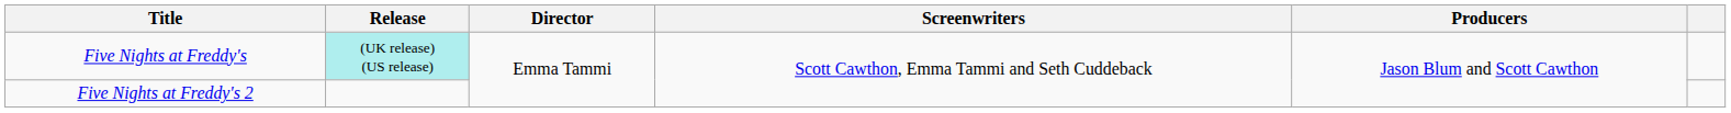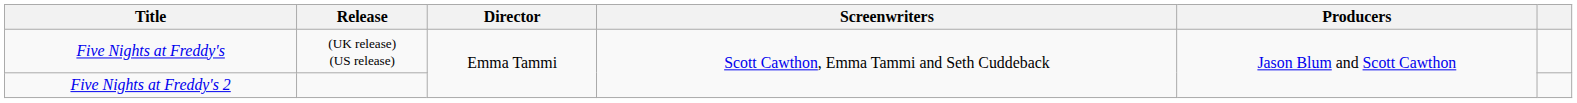 <table class="wikitable plainrowheaders sortable" style="text-align:center" border="1" width="100%">
 <tr>
 <th scope="col">Title</th>
 <th scope="col">Release</th>
 <th scope="col">Director</th>
 <th scope="col">Screenwriters</th>
 <th scope="col">Producers</th>
 <th scope="col" style="width:28px"></th>
 </tr>
 <tr>
 <td><em><a href='#'>Five Nights at Freddy's</a></em></td>
-<td style="background: paleturquoise;"> <small>(UK release)</small><br> <small>(US release)</small></td>
+<td> <small>(UK release)</small><br> <small>(US release)</small></td>
 <td rowspan="2">Emma Tammi</td>
 <td rowspan="2"><a href='#'>Scott Cawthon</a>, Emma Tammi and Seth Cuddeback</td>
 <td rowspan="2"><a href='#'>Jason Blum</a> and <a href='#'>Scott Cawthon</a></td>
 <td></td>
 </tr>
 <tr>
 <td><em><a href='#'>Five Nights at Freddy's 2</a></em></td>
 <td></td>
 <td></td>
 </tr>
 </table>
